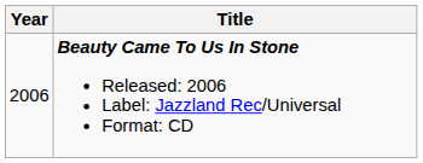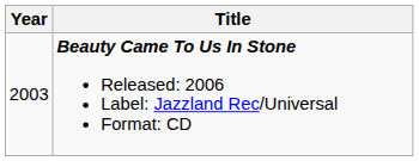 <table class="wikitable">
 <tr>
 <th>Year</th>
 <th style="width:225px;">Title</th>
 </tr>
 <tr>
-<td>2006</td>
+<td>2003</td>
 <td style="width:20em"><strong><em>Beauty Came To Us In Stone</em></strong><br><ul><li>Released: 2006</li><li>Label: <a href='#'>Jazzland Rec</a>/Universal </li><li>Format: CD</li></ul></td>
 </tr>
 </table>
